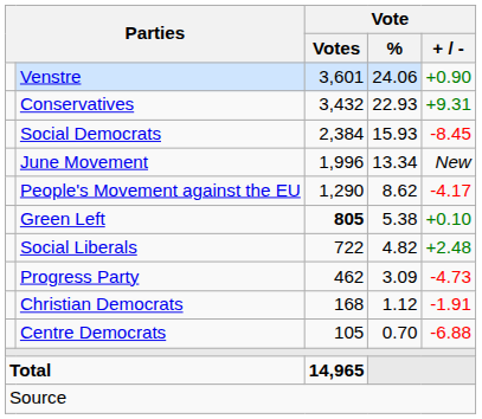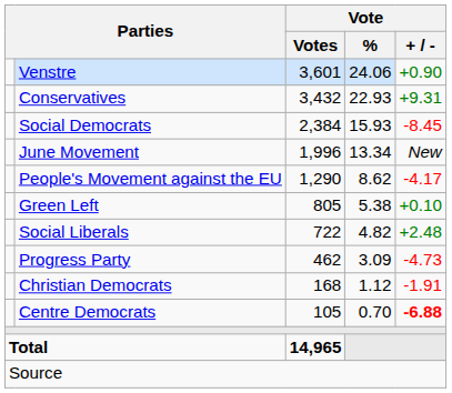 <table class="wikitable" style="text-align:right;">
 <tr>
 <th style="text-align:centre;" rowspan="2" colspan="2" width="225">Parties</th>
 <th colspan="3">Vote</th>
 </tr>
 <tr>
 <th width="15">Votes</th>
 <th width="15">%</th>
 <th width="15">+ / -</th>
 </tr>
 <tr>
 <td width="2" style="color:inherit;background:"></td>
 <td bgcolor=#cfe5fe   align="left"><a href='#'>Venstre</a></td>
 <td bgcolor=#cfe5fe>3,601</td>
 <td bgcolor=#cfe5fe>24.06</td>
 <td style=color:green;>+0.90</td>
 </tr>
 <tr>
 <td width="2" style="color:inherit;background:"></td>
 <td align="left"><a href='#'>Conservatives</a></td>
 <td>3,432</td>
 <td>22.93</td>
 <td style=color:green;>+9.31</td>
 </tr>
 <tr>
 <td width="2" style="color:inherit;background:"></td>
 <td align="left"><a href='#'>Social Democrats</a></td>
 <td>2,384</td>
 <td>15.93</td>
 <td style=color:red;>-8.45</td>
 </tr>
 <tr>
 <td width="2" style="color:inherit;background:"></td>
 <td align="left"><a href='#'>June Movement</a></td>
 <td>1,996</td>
 <td>13.34</td>
 <td><em>New</em></td>
 </tr>
 <tr>
 <td width="2" style="color:inherit;background:"></td>
 <td align="left"><a href='#'>People's Movement against the EU</a></td>
 <td>1,290</td>
 <td>8.62</td>
 <td style=color:red;>-4.17</td>
 </tr>
 <tr>
 <td width="2" style="color:inherit;background:"></td>
 <td align="left"><a href='#'>Green Left</a></td>
-<td><strong>805</strong></td>
+<td>805</td>
 <td>5.38</td>
 <td style=color:green;>+0.10</td>
 </tr>
 <tr>
 <td width="2" style="color:inherit;background:"></td>
 <td align="left"><a href='#'>Social Liberals</a></td>
 <td>722</td>
 <td>4.82</td>
 <td style=color:green;>+2.48</td>
 </tr>
 <tr>
 <td width="2" style="color:inherit;background:"></td>
 <td align="left"><a href='#'>Progress Party</a></td>
 <td>462</td>
 <td>3.09</td>
 <td style=color:red;>-4.73</td>
 </tr>
 <tr>
 <td width="2" style="color:inherit;background:"></td>
 <td align="left"><a href='#'>Christian Democrats</a></td>
 <td>168</td>
 <td>1.12</td>
 <td style=color:red;>-1.91</td>
 </tr>
 <tr>
 <td width="2" style="color:inherit;background:"></td>
 <td align="left"><a href='#'>Centre Democrats</a></td>
 <td>105</td>
 <td>0.70</td>
-<td style=color:red;>-6.88</td>
+<td style=color:red;><strong>-6.88</strong></td>
 </tr>
 <tr>
 <td colspan="7" bgcolor="#E9E9E9"></td>
 </tr>
 <tr>
 <td align="left" colspan="2"><strong>Total</strong></td>
 <td><strong>14,965</strong></td>
 <td bgcolor="#E9E9E9" colspan="2"></td>
 </tr>
 <tr>
 <td align="left" colspan="6">Source</td>
 </tr>
 </table>
